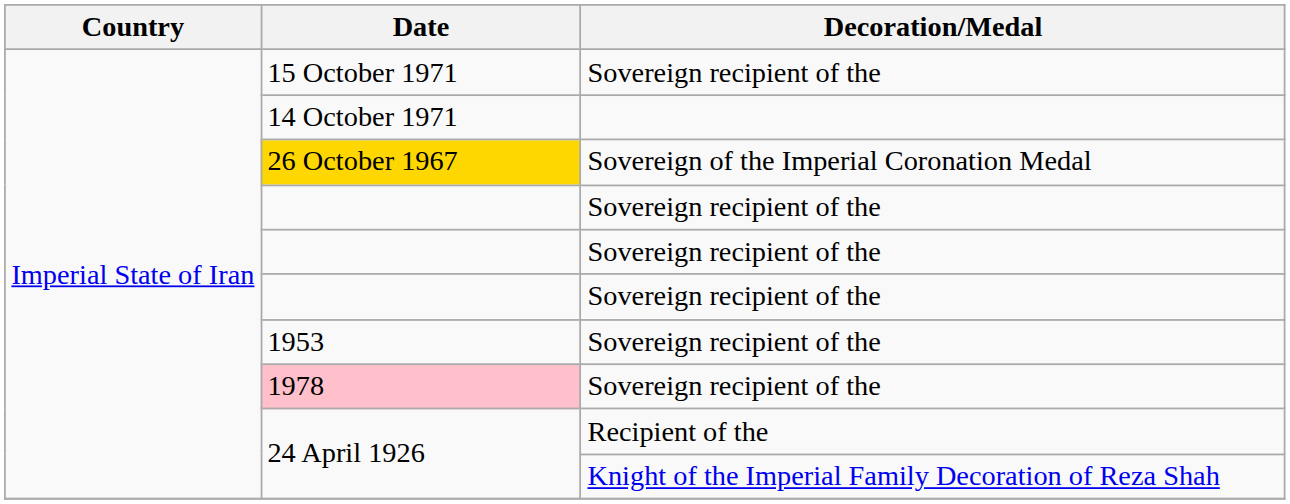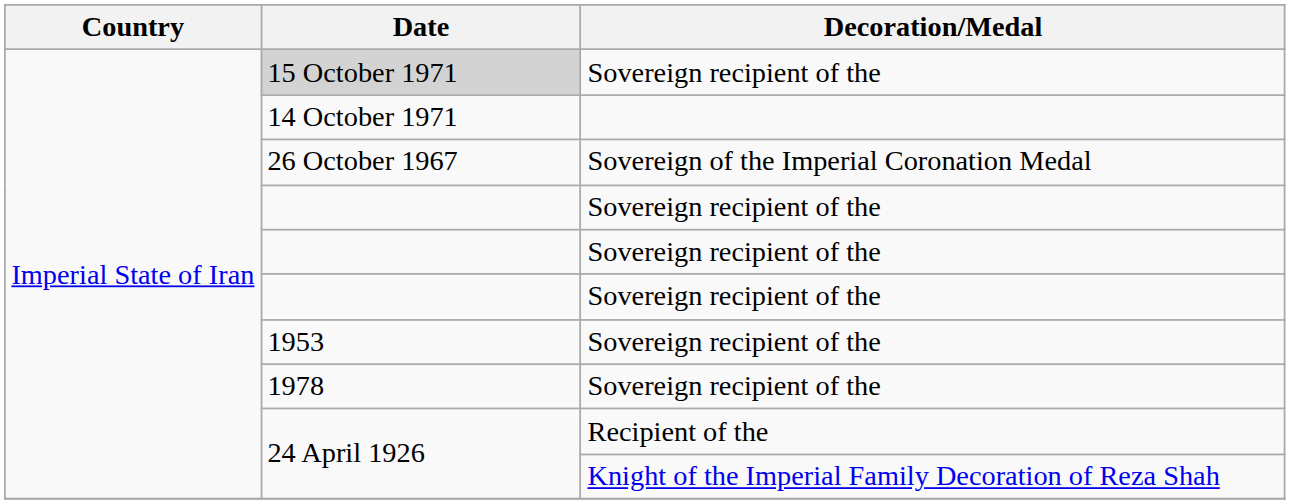 <table class="wikitable">
 <tr>
 <th width="20%">Country</th>
 <th width="25%">Date</th>
 <th width="55%" colspan="2">Decoration/Medal</th>
 </tr>
 <tr>
 <td rowspan="10"> <a href='#'>Imperial State of Iran</a></td>
-<td>15 October 1971</td>
+<td style="background: lightgrey;">15 October 1971</td>
 <td colspan="2">Sovereign recipient of the  </td>
 </tr>
 <tr>
 <td>14 October 1971</td>
 <td colspan="2"> </td>
 </tr>
 <tr>
-<td style="background: gold;">26 October 1967</td>
+<td>26 October 1967</td>
 <td colspan="2">Sovereign of the Imperial Coronation Medal </td>
 </tr>
 <tr>
 <td></td>
 <td colspan="2">Sovereign recipient of the </td>
 </tr>
 <tr>
 <td></td>
 <td colspan="2">Sovereign recipient of the  </td>
 </tr>
 <tr>
 <td></td>
 <td colspan="2">Sovereign recipient of the </td>
 </tr>
 <tr>
 <td>1953</td>
 <td colspan="2">Sovereign recipient of the  </td>
 </tr>
 <tr>
-<td style="background: pink;">1978</td>
+<td>1978</td>
 <td colspan="2">Sovereign recipient of the </td>
 </tr>
 <tr>
 <td rowspan="2">24 April 1926</td>
 <td colspan="2">Recipient of the </td>
 </tr>
 <tr>
 <td colspan="2"><a href='#'>Knight of the Imperial Family Decoration of Reza Shah</a></td>
 </tr>
 <tr>
 </tr>
 </table>
